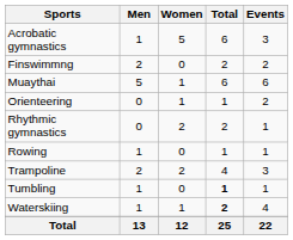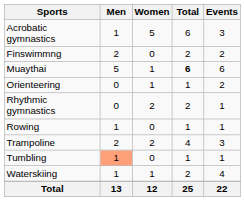 <table class="wikitable sortable" style="text-align:center;">
 <tr>
 <th width=150>Sports</th>
 <th width=45>Men</th>
 <th width=45>Women</th>
 <th width=45>Total</th>
 <th width=45>Events</th>
 </tr>
 <tr>
 <td align=left>Acrobatic gymnastics</td>
 <td>1</td>
 <td>5</td>
 <td>6</td>
 <td>3</td>
 </tr>
 <tr>
 <td align=left>Finswimmng</td>
 <td>2</td>
 <td>0</td>
 <td>2</td>
 <td>2</td>
 </tr>
 <tr>
 <td align=left>Muaythai</td>
 <td>5</td>
 <td>1</td>
-<td>6</td>
+<td><strong>6</strong></td>
 <td>6</td>
 </tr>
 <tr>
 <td align=left>Orienteering</td>
 <td>0</td>
 <td>1</td>
 <td>1</td>
 <td>2</td>
 </tr>
 <tr>
 <td align=left>Rhythmic gymnastics</td>
 <td>0</td>
 <td>2</td>
 <td>2</td>
 <td>1</td>
 </tr>
 <tr>
 <td align=left>Rowing</td>
 <td>1</td>
 <td>0</td>
 <td>1</td>
 <td>1</td>
 </tr>
 <tr>
 <td align=left>Trampoline</td>
 <td>2</td>
 <td>2</td>
 <td>4</td>
 <td>3</td>
 </tr>
 <tr>
 <td align=left>Tumbling</td>
+<td style="background: lightsalmon;">1</td>
+<td>0</td>
 <td>1</td>
-<td>0</td>
-<td><strong>1</strong></td>
 <td>1</td>
 </tr>
 <tr>
 <td align=left>Waterskiing</td>
 <td>1</td>
 <td>1</td>
-<td><strong>2</strong></td>
+<td>2</td>
 <td>4</td>
 </tr>
 <tr>
 </tr>
 <tr class="sortbottom">
 <th>Total</th>
 <th>13</th>
 <th>12</th>
 <th>25</th>
 <th>22</th>
 </tr>
 </table>
